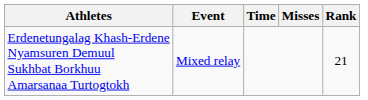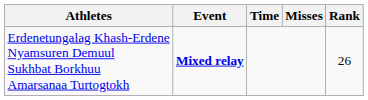 <table class="wikitable" style="font-size:90%">
 <tr>
 <th>Athletes</th>
 <th>Event</th>
 <th>Time</th>
 <th>Misses</th>
 <th>Rank</th>
 </tr>
 <tr align=center>
 <td align=left><a href='#'>Erdenetungalag Khash-Erdene</a><br><a href='#'>Nyamsuren Demuul</a><br><a href='#'>Sukhbat Borkhuu</a><br><a href='#'>Amarsanaa Turtogtokh</a></td>
-<td align=left><a href='#'>Mixed relay</a></td>
+<td align=left><strong><a href='#'>Mixed relay</a></strong></td>
 <td colspan=2></td>
-<td>21</td>
+<td>26</td>
 </tr>
 </table>
